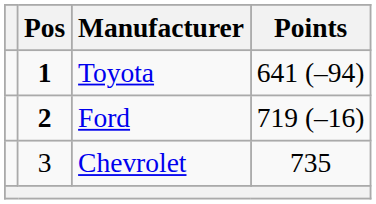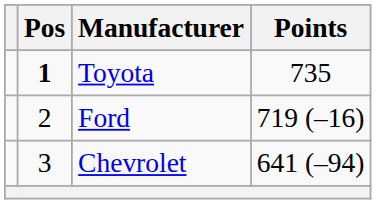 <table class="wikitable" style="font-size: 95%">
 <tr>
 <th></th>
 <th>Pos</th>
 <th>Manufacturer</th>
 <th>Points</th>
 </tr>
 <tr>
 <td align="left"></td>
 <td style="text-align:center;"><strong>1</strong></td>
 <td><a href='#'>Toyota</a></td>
-<td style="text-align:center;">641 (–94)</td>
+<td style="text-align:center;">735</td>
 </tr>
 <tr>
 <td align="left"></td>
-<td style="text-align:center;"><strong>2</strong></td>
+<td style="text-align:center;">2</td>
 <td><a href='#'>Ford</a></td>
 <td style="text-align:center;">719 (–16)</td>
 </tr>
 <tr>
 <td align="left"></td>
 <td style="text-align:center;">3</td>
 <td><a href='#'>Chevrolet</a></td>
-<td style="text-align:center;">735</td>
+<td style="text-align:center;">641 (–94)</td>
 </tr>
 <tr class="sortbottom">
 <th colspan="9"></th>
 </tr>
 </table>
